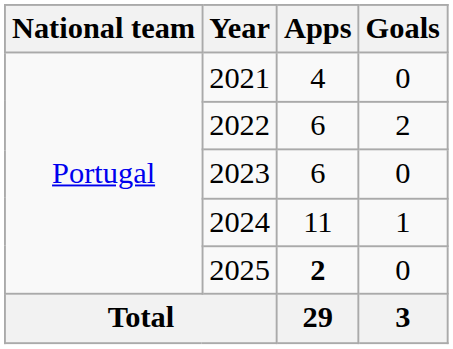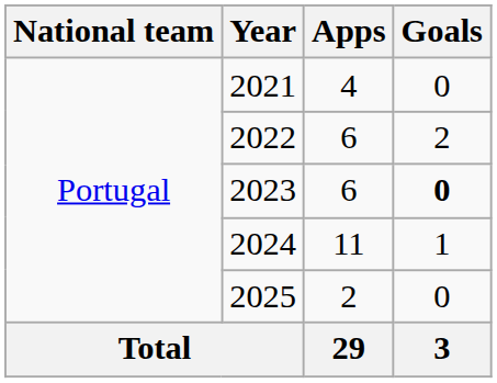 <table class=wikitable style=text-align:center>
 <tr>
 <th>National team</th>
 <th>Year</th>
 <th>Apps</th>
 <th>Goals</th>
 </tr>
 <tr>
 <td rowspan=5><a href='#'>Portugal</a></td>
 <td>2021</td>
 <td>4</td>
 <td>0</td>
 </tr>
 <tr>
 <td>2022</td>
 <td>6</td>
 <td>2</td>
 </tr>
 <tr>
 <td>2023</td>
 <td>6</td>
-<td>0</td>
+<td><strong>0</strong></td>
 </tr>
 <tr>
 <td>2024</td>
 <td>11</td>
 <td>1</td>
 </tr>
 <tr>
 <td>2025</td>
-<td><strong>2</strong></td>
+<td>2</td>
 <td>0</td>
 </tr>
 <tr>
 <th colspan=2>Total</th>
 <th>29</th>
 <th>3</th>
 </tr>
 </table>
